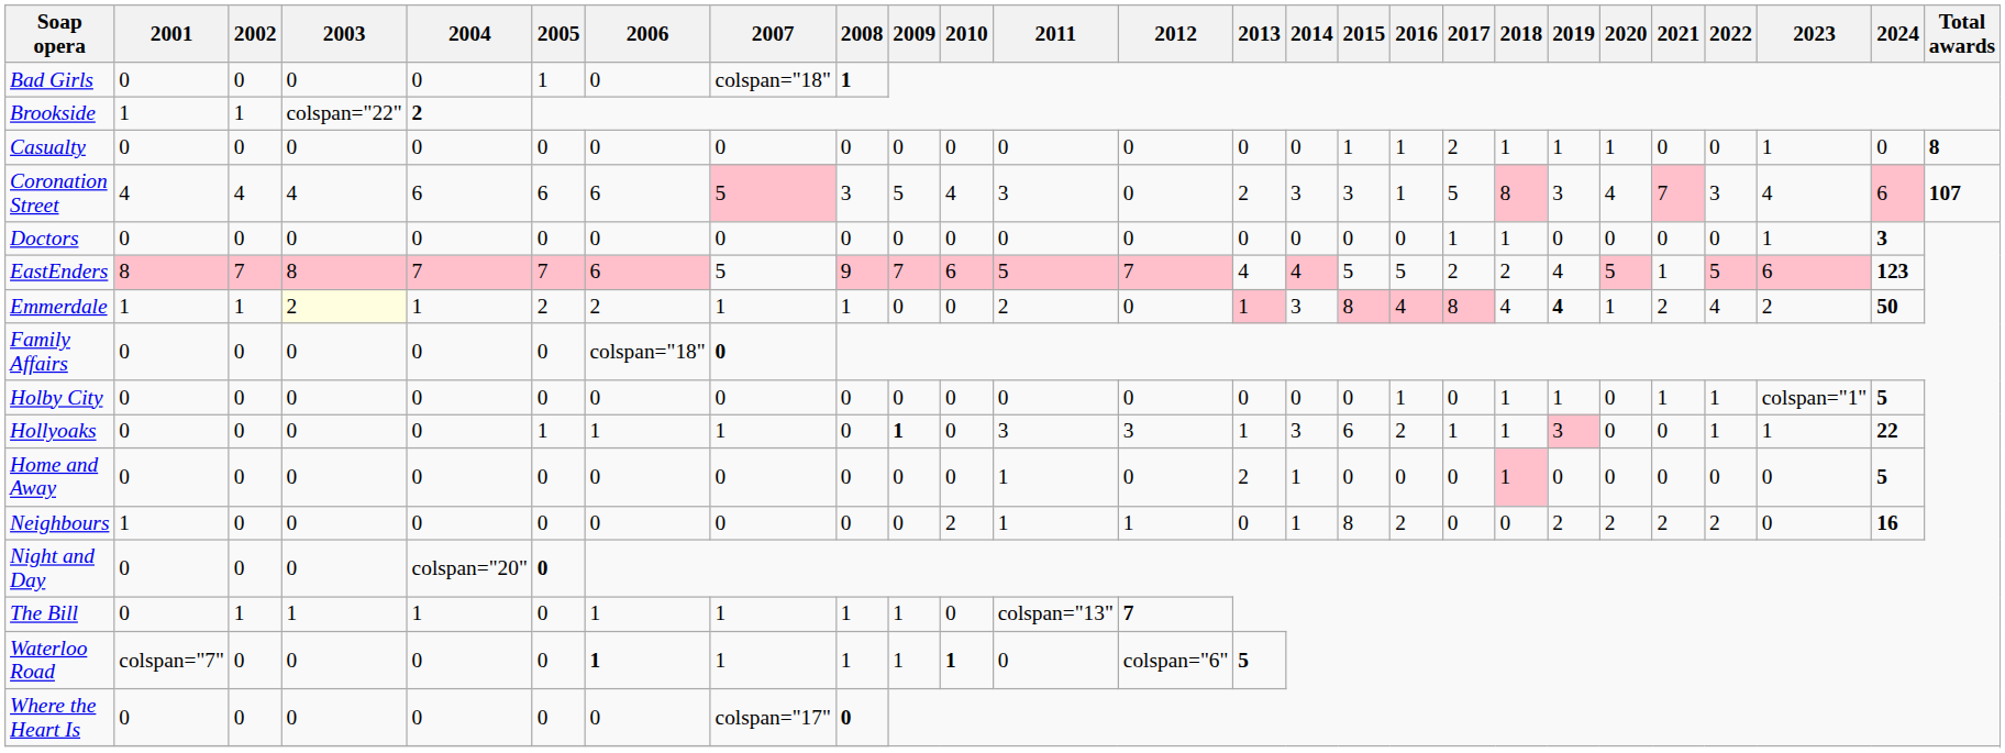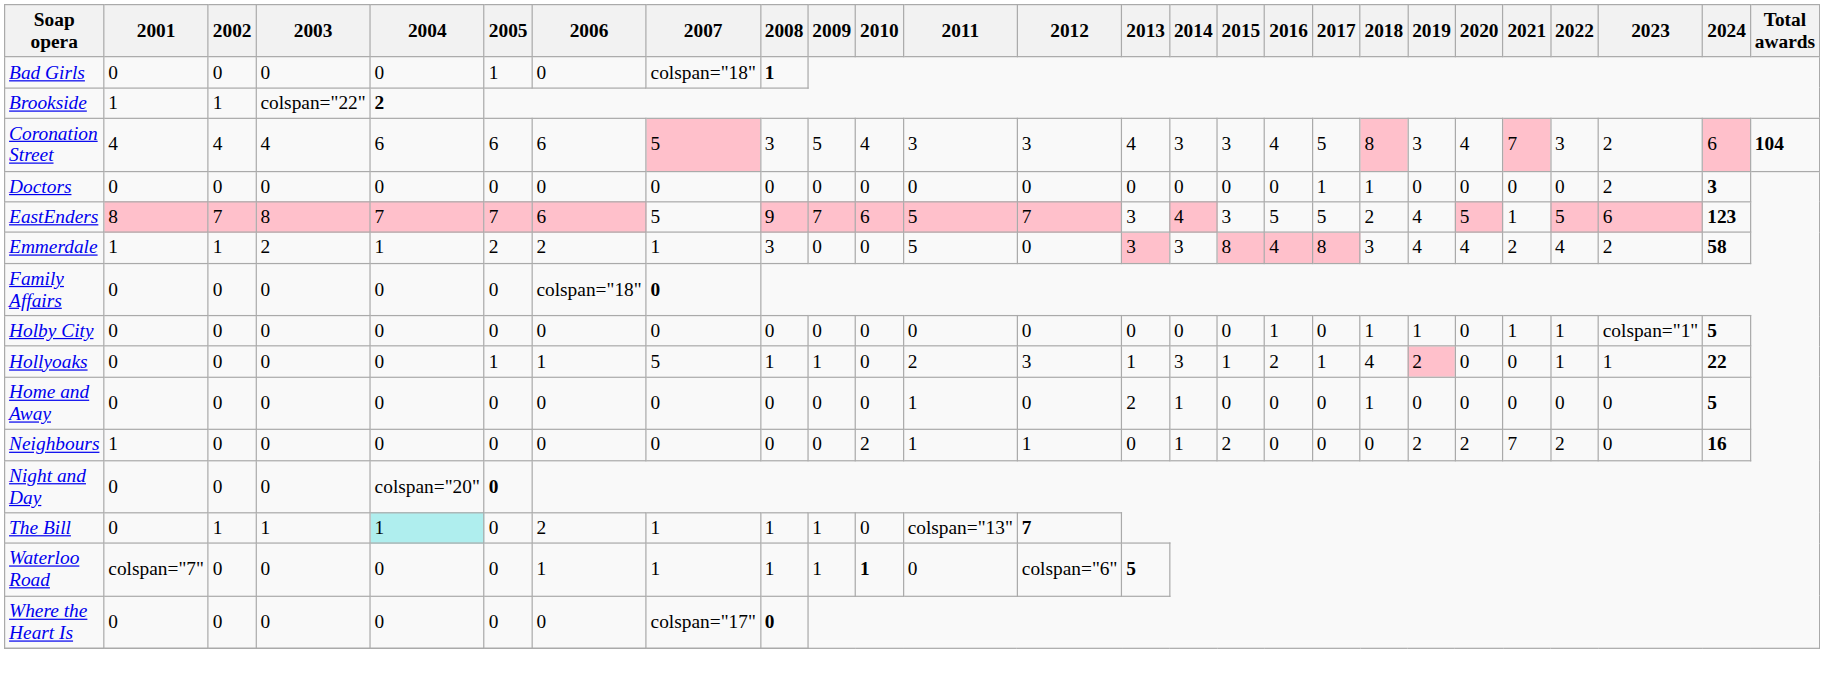 <table class="wikitable sortable">
 <tr>
 <th>Soap opera</th>
 <th>2001</th>
 <th>2002</th>
 <th>2003</th>
 <th>2004</th>
 <th>2005</th>
 <th>2006</th>
 <th>2007</th>
 <th>2008</th>
 <th>2009</th>
 <th>2010</th>
 <th>2011</th>
 <th>2012</th>
 <th>2013</th>
 <th>2014</th>
 <th>2015</th>
 <th>2016</th>
 <th>2017</th>
 <th>2018</th>
 <th>2019</th>
 <th>2020</th>
 <th>2021</th>
 <th>2022</th>
 <th>2023</th>
 <th>2024</th>
 <th>Total awards</th>
 </tr>
 <tr>
 <td><em><a href='#'>Bad Girls</a></em></td>
 <td>0</td>
 <td>0</td>
 <td>0</td>
 <td>0</td>
 <td>1</td>
 <td>0</td>
 <td>colspan="18" </td>
 <td><strong>1</strong></td>
 </tr>
 <tr>
 <td><em><a href='#'>Brookside</a></em></td>
 <td>1</td>
 <td>1</td>
 <td>colspan="22" </td>
 <td><strong>2</strong></td>
 </tr>
 <tr>
-<td><em><a href='#'>Casualty</a></em></td>
-<td>0</td>
-<td>0</td>
-<td>0</td>
-<td>0</td>
-<td>0</td>
-<td>0</td>
-<td>0</td>
-<td>0</td>
-<td>0</td>
-<td>0</td>
-<td>0</td>
-<td>0</td>
-<td>0</td>
-<td>0</td>
-<td>1</td>
-<td>1</td>
-<td>2</td>
-<td>1</td>
-<td>1</td>
-<td>1</td>
-<td>0</td>
-<td>0</td>
-<td>1</td>
-<td>0</td>
-<td><strong>8</strong></td>
-</tr>
-<tr>
 <td><em><a href='#'>Coronation Street</a></em></td>
 <td>4</td>
 <td>4</td>
 <td>4</td>
 <td>6</td>
 <td>6</td>
 <td>6</td>
 <td style="width:130px; background:pink;">5</td>
 <td>3</td>
 <td>5</td>
 <td>4</td>
 <td>3</td>
-<td>0</td>
-<td>2</td>
+<td>3</td>
+<td>4</td>
 <td>3</td>
 <td>3</td>
-<td>1</td>
+<td>4</td>
 <td>5</td>
 <td style="width:130px; background:pink;">8</td>
 <td>3</td>
 <td>4</td>
 <td style="width:130px; background:pink;">7</td>
 <td>3</td>
-<td>4</td>
+<td>2</td>
 <td style="width:130px; background:pink;">6</td>
-<td><strong>107</strong></td>
+<td><strong>104</strong></td>
 </tr>
 <tr>
 <td><em><a href='#'>Doctors</a></em></td>
 <td>0</td>
 <td>0</td>
 <td>0</td>
 <td>0</td>
 <td>0</td>
 <td>0</td>
 <td>0</td>
 <td>0</td>
 <td>0</td>
 <td>0</td>
 <td>0</td>
 <td>0</td>
 <td>0</td>
 <td>0</td>
 <td>0</td>
 <td>0</td>
 <td>1</td>
 <td>1</td>
 <td>0</td>
 <td>0</td>
 <td>0</td>
 <td>0</td>
-<td>1</td>
+<td>2</td>
 <td><strong>3</strong></td>
 </tr>
 <tr>
 <td><em><a href='#'>EastEnders</a></em></td>
 <td style="width:130px; background:pink;">8</td>
 <td style="width:130px; background:pink;">7</td>
 <td style="width:130px; background:pink;">8</td>
 <td style="width:130px; background:pink;">7</td>
 <td style="width:130px; background:pink;">7</td>
 <td style="width:130px; background:pink;">6</td>
 <td>5</td>
 <td style="width:130px; background:pink;">9</td>
 <td style="width:130px; background:pink;">7</td>
 <td style="width:130px; background:pink;">6</td>
 <td style="width:130px; background:pink;">5</td>
 <td style="width:130px; background:pink;">7</td>
-<td>4</td>
+<td>3</td>
 <td style="width:130px; background:pink;">4</td>
+<td>3</td>
 <td>5</td>
 <td>5</td>
-<td>2</td>
 <td>2</td>
 <td>4</td>
 <td style="width:130px; background:pink;">5</td>
 <td>1</td>
 <td style="width:130px; background:pink;">5</td>
 <td style="width:130px; background:pink;">6</td>
 <td><strong>123</strong></td>
 </tr>
 <tr>
 <td><em><a href='#'>Emmerdale</a></em></td>
 <td>1</td>
 <td>1</td>
-<td style="background: lightyellow;">2</td>
+<td>2</td>
 <td>1</td>
 <td>2</td>
 <td>2</td>
 <td>1</td>
-<td>1</td>
+<td>3</td>
 <td>0</td>
 <td>0</td>
-<td>2</td>
+<td>5</td>
 <td>0</td>
-<td style="width:130px; background:pink;">1</td>
+<td style="width:130px; background:pink;">3</td>
 <td>3</td>
 <td style="width:130px; background:pink;">8</td>
 <td style="width:130px; background:pink;">4</td>
 <td style="width:130px; background:pink;">8</td>
+<td>3</td>
 <td>4</td>
-<td><strong>4</strong></td>
-<td>1</td>
+<td>4</td>
 <td>2</td>
 <td>4</td>
 <td>2</td>
-<td><strong>50</strong></td>
+<td><strong>58</strong></td>
 </tr>
 <tr>
 <td><em><a href='#'>Family Affairs</a></em></td>
 <td>0</td>
 <td>0</td>
 <td>0</td>
 <td>0</td>
 <td>0</td>
 <td>colspan="18" </td>
 <td><strong>0</strong></td>
 </tr>
 <tr>
 <td><em><a href='#'>Holby City</a></em></td>
 <td>0</td>
 <td>0</td>
 <td>0</td>
 <td>0</td>
 <td>0</td>
 <td>0</td>
 <td>0</td>
 <td>0</td>
 <td>0</td>
 <td>0</td>
 <td>0</td>
 <td>0</td>
 <td>0</td>
 <td>0</td>
 <td>0</td>
 <td>1</td>
 <td>0</td>
 <td>1</td>
 <td>1</td>
 <td>0</td>
 <td>1</td>
 <td>1</td>
 <td>colspan="1" </td>
 <td><strong>5</strong></td>
 </tr>
 <tr>
 <td><em><a href='#'>Hollyoaks</a></em></td>
 <td>0</td>
 <td>0</td>
 <td>0</td>
 <td>0</td>
 <td>1</td>
 <td>1</td>
+<td>5</td>
+<td>1</td>
 <td>1</td>
 <td>0</td>
-<td><strong>1</strong></td>
-<td>0</td>
-<td>3</td>
+<td>2</td>
 <td>3</td>
 <td>1</td>
 <td>3</td>
-<td>6</td>
+<td>1</td>
 <td>2</td>
 <td>1</td>
-<td>1</td>
-<td style="width:130px; background:pink;">3</td>
+<td>4</td>
+<td style="width:130px; background:pink;">2</td>
 <td>0</td>
 <td>0</td>
 <td>1</td>
 <td>1</td>
 <td><strong>22</strong></td>
 </tr>
 <tr>
 <td><em><a href='#'>Home and Away</a></em></td>
 <td>0</td>
 <td>0</td>
 <td>0</td>
 <td>0</td>
 <td>0</td>
 <td>0</td>
 <td>0</td>
 <td>0</td>
 <td>0</td>
 <td>0</td>
 <td>1</td>
 <td>0</td>
 <td>2</td>
 <td>1</td>
 <td>0</td>
 <td>0</td>
 <td>0</td>
-<td style="background: pink;">1</td>
+<td>1</td>
 <td>0</td>
 <td>0</td>
 <td>0</td>
 <td>0</td>
 <td>0</td>
 <td><strong>5</strong></td>
 </tr>
 <tr>
 <td><em><a href='#'>Neighbours</a></em></td>
 <td>1</td>
 <td>0</td>
 <td>0</td>
 <td>0</td>
 <td>0</td>
 <td>0</td>
 <td>0</td>
 <td>0</td>
 <td>0</td>
 <td>2</td>
 <td>1</td>
 <td>1</td>
 <td>0</td>
 <td>1</td>
-<td>8</td>
 <td>2</td>
+<td>0</td>
 <td>0</td>
 <td>0</td>
 <td>2</td>
 <td>2</td>
-<td>2</td>
+<td>7</td>
 <td>2</td>
 <td>0</td>
 <td><strong>16</strong></td>
 </tr>
 <tr>
 <td><em><a href='#'>Night and Day</a></em></td>
 <td>0</td>
 <td>0</td>
 <td>0</td>
 <td>colspan="20" </td>
 <td><strong>0</strong></td>
 </tr>
 <tr>
 <td><em><a href='#'>The Bill</a></em></td>
 <td>0</td>
 <td>1</td>
 <td>1</td>
-<td>1</td>
+<td style="background: paleturquoise;">1</td>
 <td>0</td>
-<td>1</td>
+<td>2</td>
 <td>1</td>
 <td>1</td>
 <td>1</td>
 <td>0</td>
 <td>colspan="13" </td>
 <td><strong>7</strong></td>
 </tr>
 <tr>
 <td><em><a href='#'>Waterloo Road</a></em></td>
 <td>colspan="7" </td>
 <td>0</td>
 <td>0</td>
 <td>0</td>
 <td>0</td>
-<td><strong>1</strong></td>
+<td>1</td>
 <td>1</td>
 <td>1</td>
 <td>1</td>
 <td><strong>1</strong></td>
 <td>0</td>
 <td>colspan="6" </td>
 <td><strong>5</strong></td>
 </tr>
 <tr>
 <td><em><a href='#'>Where the Heart Is</a></em></td>
 <td>0</td>
 <td>0</td>
 <td>0</td>
 <td>0</td>
 <td>0</td>
 <td>0</td>
 <td>colspan="17" </td>
 <td><strong>0</strong></td>
 </tr>
 <tr>
 </tr>
 </table>
